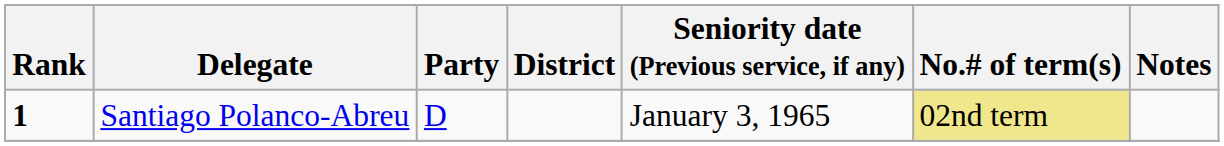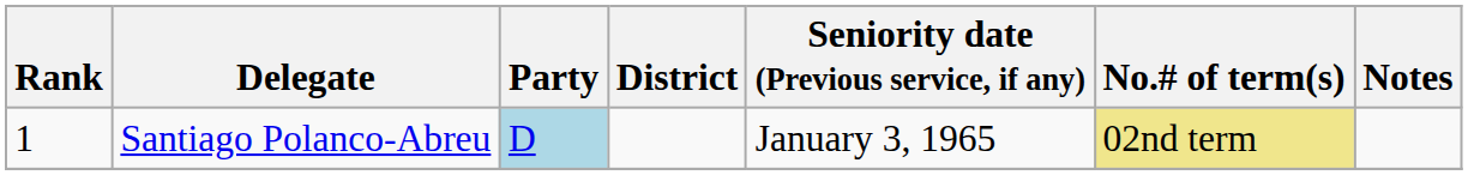 <table class="wikitable sortable">
 <tr valign=bottom>
 <th>Rank</th>
 <th>Delegate</th>
 <th>Party</th>
 <th>District</th>
 <th>Seniority date<br><small>(Previous service, if any)</small><br></th>
 <th>No.# of term(s)</th>
 <th>Notes</th>
 </tr>
 <tr>
-<td><strong>1</strong></td>
+<td>1</td>
 <td><a href='#'>Santiago Polanco-Abreu</a></td>
-<td><a href='#'>D</a></td>
+<td style="background: lightblue;"><a href='#'>D</a></td>
 <td></td>
 <td>January 3, 1965</td>
 <td style="background: khaki;">02nd term</td>
 <td></td>
 </tr>
 <tr>
 </tr>
 </table>
